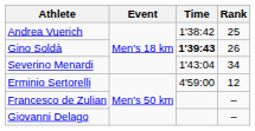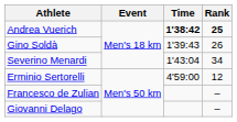 <table class="wikitable" border="1" style="font-size:90%">
 <tr>
 <th>Athlete</th>
 <th>Event</th>
 <th>Time</th>
 <th>Rank</th>
 </tr>
 <tr>
 <td><a href='#'>Andrea Vuerich</a></td>
 <td rowspan="3"><a href='#'>Men's 18 km</a></td>
-<td align=center>1'38:42</td>
-<td align=center>25</td>
+<td align=center><strong>1'38:42</strong></td>
+<td align=center><strong>25</strong></td>
 </tr>
 <tr>
 <td><a href='#'>Gino Soldà</a></td>
-<td align=center><strong>1'39:43</strong></td>
+<td align=center>1'39:43</td>
 <td align=center>26</td>
 </tr>
 <tr>
 <td><a href='#'>Severino Menardi</a></td>
 <td align=center>1'43:04</td>
 <td align=center>34</td>
 </tr>
 <tr>
 <td><a href='#'>Erminio Sertorelli</a></td>
 <td rowspan="3"><a href='#'>Men's 50 km</a></td>
 <td align=center>4'59:00</td>
 <td align=center>12</td>
 </tr>
 <tr>
 <td><a href='#'>Francesco de Zulian</a></td>
 <td align=center></td>
 <td align=center>–</td>
 </tr>
 <tr>
 <td><a href='#'>Giovanni Delago</a></td>
 <td align=center></td>
 <td align=center>–</td>
 </tr>
 </table>
